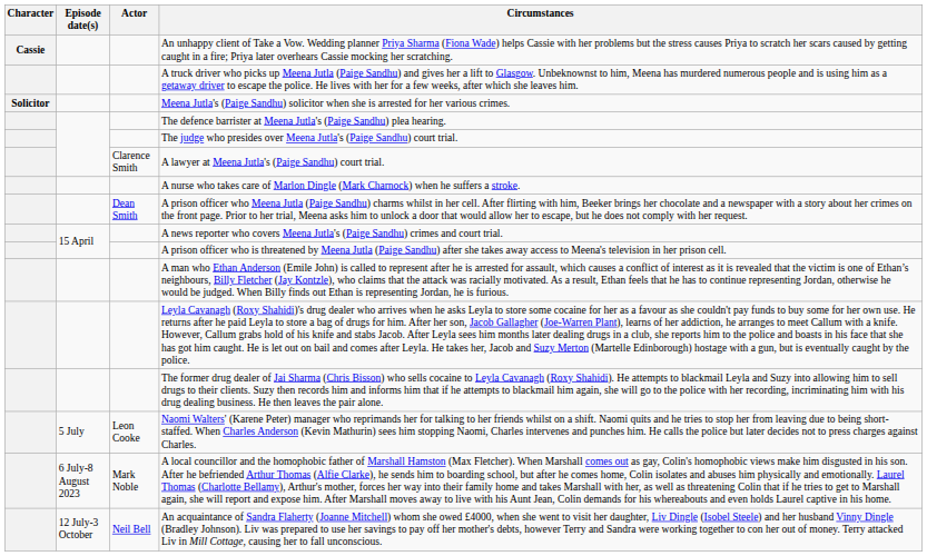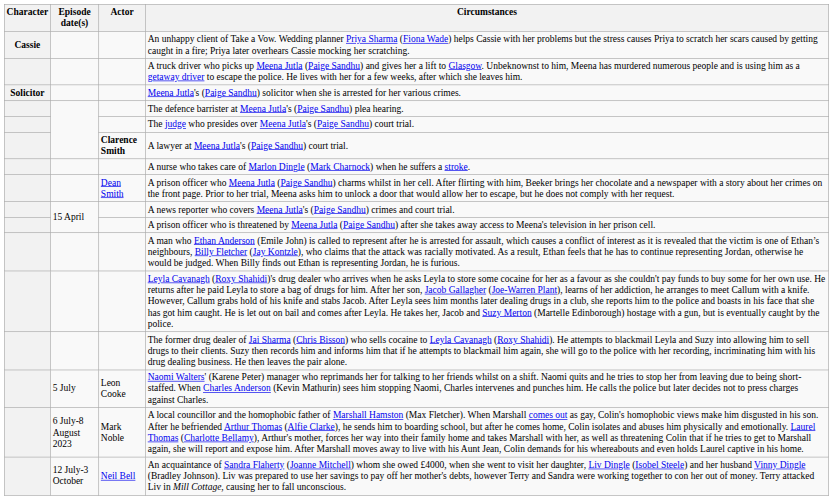 <table class="wikitable plainrowheaders" style="font-size:90%">
 <tr valign="top">
 <th scope="col">Character</th>
 <th scope="col">Episode date(s)</th>
 <th scope="col">Actor</th>
 <th scope="col">Circumstances</th>
 </tr>
 <tr>
 <th scope="row">Cassie </th>
 <td></td>
 <td></td>
 <td>An unhappy client of Take a Vow. Wedding planner <a href='#'>Priya Sharma</a> (<a href='#'>Fiona Wade</a>) helps Cassie with her problems but the stress causes Priya to scratch her scars caused by getting caught in a fire; Priya later overhears Cassie mocking her scratching.</td>
 </tr>
 <tr>
 <th scope="row"> </th>
 <td></td>
 <td></td>
 <td>A truck driver who picks up <a href='#'>Meena Jutla</a> (<a href='#'>Paige Sandhu</a>) and gives her a lift to <a href='#'>Glasgow</a>. Unbeknownst to him, Meena has murdered numerous people and is using him as a <a href='#'>getaway driver</a> to escape the police. He lives with her for a few weeks, after which she leaves him.</td>
 </tr>
 <tr>
 <th scope="row">Solicitor </th>
 <td></td>
 <td></td>
 <td><a href='#'>Meena Jutla</a>'s (<a href='#'>Paige Sandhu</a>) solicitor when she is arrested for her various crimes.</td>
 </tr>
 <tr>
 <th scope="row"> </th>
 <td rowspan="3"></td>
 <td></td>
 <td>The defence barrister at <a href='#'>Meena Jutla</a>'s (<a href='#'>Paige Sandhu</a>) plea hearing.</td>
 </tr>
 <tr>
 <th scope="row"> </th>
 <td></td>
 <td>The <a href='#'>judge</a> who presides over <a href='#'>Meena Jutla</a>'s (<a href='#'>Paige Sandhu</a>) court trial.</td>
 </tr>
 <tr>
 <th scope="row"> </th>
-<td {{nowrap>Clarence Smith</td>
+<td {{nowrap><strong>Clarence Smith</strong></td>
 <td>A lawyer at <a href='#'>Meena Jutla</a>'s (<a href='#'>Paige Sandhu</a>) court trial.</td>
 </tr>
 <tr>
 <th scope="row"> </th>
 <td></td>
 <td></td>
 <td>A nurse who takes care of <a href='#'>Marlon Dingle</a> (<a href='#'>Mark Charnock</a>) when he suffers a <a href='#'>stroke</a>.</td>
 </tr>
 <tr>
 <th scope="row"> </th>
 <td></td>
 <td><a href='#'>Dean Smith</a></td>
 <td>A prison officer who <a href='#'>Meena Jutla</a> (<a href='#'>Paige Sandhu</a>) charms whilst in her cell. After flirting with him, Beeker brings her chocolate and a newspaper with a story about her crimes on the front page. Prior to her trial, Meena asks him to unlock a door that would allow her to escape, but he does not comply with her request.</td>
 </tr>
 <tr>
 <th scope="row"></th>
 <td rowspan="2">15 April</td>
 <td></td>
 <td>A news reporter who covers <a href='#'>Meena Jutla</a>'s (<a href='#'>Paige Sandhu</a>) crimes and court trial.</td>
 </tr>
 <tr>
 <th scope="row"></th>
 <td></td>
 <td>A prison officer who is threatened by <a href='#'>Meena Jutla</a> (<a href='#'>Paige Sandhu</a>) after she takes away access to Meena's television in her prison cell.</td>
 </tr>
 <tr>
 <th scope="row"> </th>
 <td></td>
 <td></td>
 <td>A man who <a href='#'>Ethan Anderson</a> (Emile John) is called to represent after he is arrested for assault, which causes a conflict of interest as it is revealed that the victim is one of Ethan’s neighbours, <a href='#'>Billy Fletcher</a> (<a href='#'>Jay Kontzle</a>), who claims that the attack was racially motivated. As a result, Ethan feels that he has to continue representing Jordan, otherwise he would be judged. When Billy finds out Ethan is representing Jordan, he is furious.</td>
 </tr>
 <tr>
 <th scope="row"> </th>
 <td></td>
 <td></td>
 <td><a href='#'>Leyla Cavanagh</a> (<a href='#'>Roxy Shahidi</a>)'s drug dealer who arrives when he asks Leyla to store some cocaine for her as a favour as she couldn't pay funds to buy some for her own use. He returns after he paid Leyla to store a bag of drugs for him. After her son, <a href='#'>Jacob Gallagher</a> (<a href='#'>Joe-Warren Plant</a>), learns of her addiction, he arranges to meet Callum with a knife. However, Callum grabs hold of his knife and stabs Jacob. After Leyla sees him months later dealing drugs in a club, she reports him to the police and boasts in his face that she has got him caught. He is let out on bail and comes after Leyla. He takes her, Jacob and <a href='#'>Suzy Merton</a> (Martelle Edinborough) hostage with a gun, but is eventually caught by the police.</td>
 </tr>
 <tr>
 <th scope="row"> </th>
 <td></td>
 <td></td>
 <td>The former drug dealer of <a href='#'>Jai Sharma</a> (<a href='#'>Chris Bisson</a>) who sells cocaine to <a href='#'>Leyla Cavanagh</a> (<a href='#'>Roxy Shahidi</a>). He attempts to blackmail Leyla and Suzy into allowing him to sell drugs to their clients. Suzy then records him and informs him that if he attempts to blackmail him again, she will go to the police with her recording, incriminating him with his drug dealing business. He then leaves the pair alone.</td>
 </tr>
 <tr>
 <th scope="row"></th>
 <td>5 July</td>
 <td>Leon Cooke</td>
 <td><a href='#'>Naomi Walters</a>' (Karene Peter) manager who reprimands her for talking to her friends whilst on a shift. Naomi quits and he tries to stop her from leaving due to being short-staffed. When <a href='#'>Charles Anderson</a> (Kevin Mathurin) sees him stopping Naomi, Charles intervenes and punches him. He calls the police but later decides not to press charges against Charles.</td>
 </tr>
 <tr>
 <th scope="row"></th>
 <td>6 July-8 August 2023</td>
 <td>Mark Noble</td>
 <td>A local councillor and the homophobic father of <a href='#'>Marshall Hamston</a> (Max Fletcher). When Marshall <a href='#'>comes out</a> as gay, Colin's homophobic views make him disgusted in his son. After he befriended <a href='#'>Arthur Thomas</a> (<a href='#'>Alfie Clarke</a>), he sends him to boarding school, but after he comes home, Colin isolates and abuses him physically and emotionally. <a href='#'>Laurel Thomas</a> (<a href='#'>Charlotte Bellamy</a>), Arthur's mother, forces her way into their family home and takes Marshall with her, as well as threatening Colin that if he tries to get to Marshall again, she will report and expose him. After Marshall moves away to live with his Aunt Jean, Colin demands for his whereabouts and even holds Laurel captive in his home.</td>
 </tr>
 <tr>
 <th scope="row"></th>
 <td>12 July-3 October</td>
 <td><a href='#'>Neil Bell</a></td>
 <td>An acquaintance of <a href='#'>Sandra Flaherty</a> (<a href='#'>Joanne Mitchell</a>) whom she owed £4000, when she went to visit her daughter, <a href='#'>Liv Dingle</a> (<a href='#'>Isobel Steele</a>) and her husband <a href='#'>Vinny Dingle</a> (Bradley Johnson). Liv was prepared to use her savings to pay off her mother's debts, however Terry and Sandra were working together to con her out of money. Terry attacked Liv in <em>Mill Cottage</em>, causing her to fall unconscious.</td>
 </tr>
 </table>
